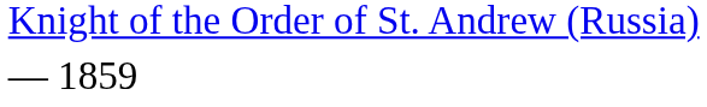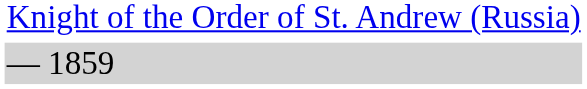 <table>
 <tr>
 <td rowspan=2 style="width:60px; vertical-align:top;"></td>
 <td><a href='#'>Knight of the Order of St. Andrew (Russia)</a></td>
 </tr>
 <tr>
-<td>— 1859</td>
+<td style="background: lightgrey;">— 1859</td>
 </tr>
 </table>
